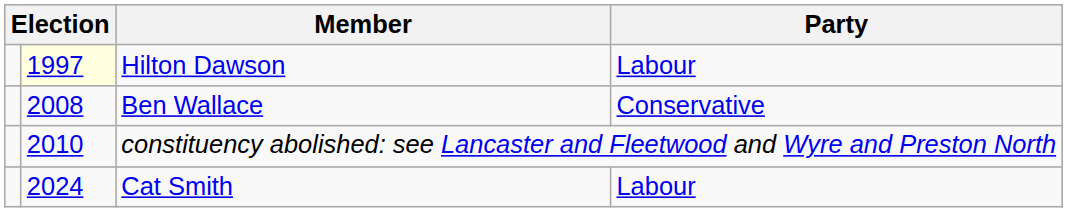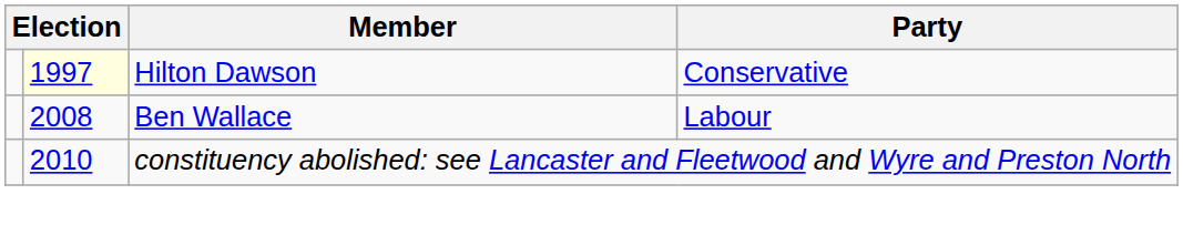 <table class="wikitable">
 <tr>
 <th colspan="2">Election</th>
 <th>Member</th>
 <th>Party</th>
 </tr>
 <tr>
 <td style="color:inherit;background-color: "></td>
 <td style="background: lightyellow;"><a href='#'>1997</a></td>
 <td><a href='#'>Hilton Dawson</a></td>
-<td><a href='#'>Labour</a></td>
+<td><a href='#'>Conservative</a></td>
 </tr>
 <tr>
 <td style="color:inherit;background-color: "></td>
 <td><a href='#'>2008</a></td>
 <td><a href='#'>Ben Wallace</a></td>
-<td><a href='#'>Conservative</a></td>
+<td><a href='#'>Labour</a></td>
 </tr>
 <tr>
 <td></td>
 <td><a href='#'>2010</a></td>
 <td colspan="2"><em>constituency abolished: see <a href='#'>Lancaster and Fleetwood</a> and <a href='#'>Wyre and Preston North</a></em></td>
 </tr>
-<tr>
-<td style="color:inherit;background-color: "></td>
-<td><a href='#'>2024</a></td>
-<td><a href='#'>Cat Smith</a></td>
-<td><a href='#'>Labour</a></td>
-</tr>
 </table>
